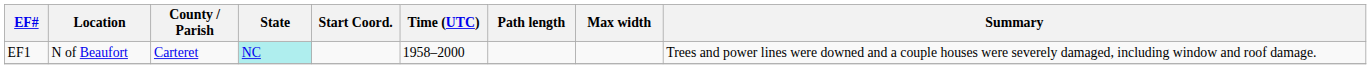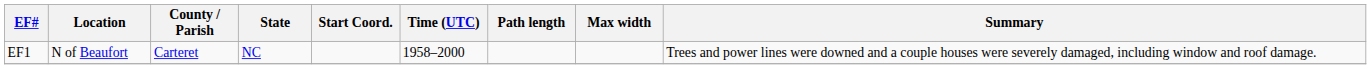 <table class="wikitable sortable" style="width:100%;">
 <tr>
 <th scope="col" width="3%" align="center"><a href='#'>EF#</a></th>
 <th scope="col" width="7%" align="center" class="unsortable">Location</th>
 <th scope="col" width="6%" align="center" class="unsortable">County / Parish</th>
 <th scope="col" width="5%" align="center">State</th>
 <th scope="col" width="6%" align="center">Start Coord.</th>
 <th scope="col" width="6%" align="center">Time (<a href='#'>UTC</a>)</th>
 <th scope="col" width="6%" align="center">Path length</th>
 <th scope="col" width="6%" align="center">Max width</th>
 <th scope="col" width="48%" class="unsortable" align="center">Summary</th>
 </tr>
 <tr>
 <td>EF1</td>
 <td>N of <a href='#'>Beaufort</a></td>
 <td><a href='#'>Carteret</a></td>
-<td style="background: paleturquoise;"><a href='#'>NC</a></td>
+<td><a href='#'>NC</a></td>
 <td></td>
 <td>1958–2000</td>
 <td></td>
 <td></td>
 <td>Trees and power lines were downed and a couple houses were severely damaged, including window and roof damage.</td>
 </tr>
 <tr>
 </tr>
 </table>
